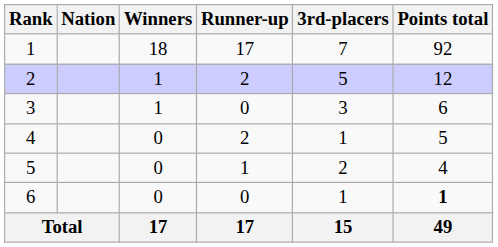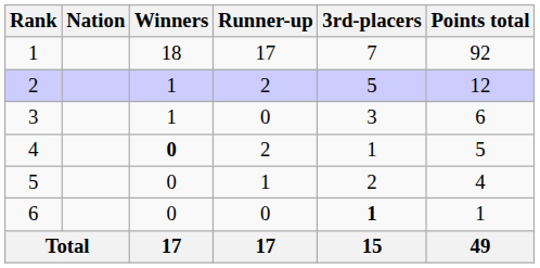 <table class=wikitable sortable style=text-align:center>
 <tr>
 <th>Rank</th>
 <th>Nation</th>
 <th>Winners</th>
 <th>Runner-up</th>
 <th>3rd-placers</th>
 <th>Points total</th>
 </tr>
 <tr>
 <td>1</td>
 <td align=left></td>
 <td>18</td>
 <td>17</td>
 <td>7</td>
 <td>92</td>
 </tr>
 <tr bgcolor=ccccff>
 <td>2</td>
 <td align=left></td>
 <td>1</td>
 <td>2</td>
 <td>5</td>
 <td>12</td>
 </tr>
 <tr>
 <td>3</td>
 <td align=left></td>
 <td>1</td>
 <td>0</td>
 <td>3</td>
 <td>6</td>
 </tr>
 <tr>
 <td>4</td>
 <td align=left></td>
-<td>0</td>
+<td><strong>0</strong></td>
 <td>2</td>
 <td>1</td>
 <td>5</td>
 </tr>
 <tr>
 <td>5</td>
 <td align=left></td>
 <td>0</td>
 <td>1</td>
 <td>2</td>
 <td>4</td>
 </tr>
 <tr>
 <td>6</td>
 <td align=left></td>
 <td>0</td>
 <td>0</td>
+<td><strong>1</strong></td>
 <td>1</td>
-<td><strong>1</strong></td>
 </tr>
 <tr>
 <th colspan=2>Total</th>
 <th>17</th>
 <th>17</th>
 <th>15</th>
 <th>49</th>
 </tr>
 </table>
